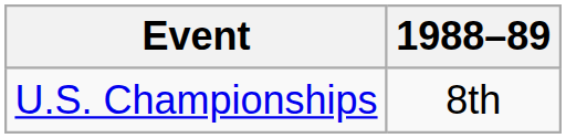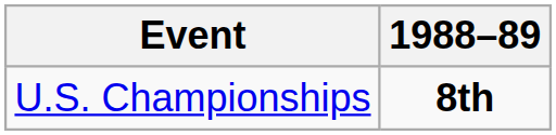 <table class="wikitable">
 <tr>
 <th>Event</th>
 <th>1988–89</th>
 </tr>
 <tr>
 <td><a href='#'>U.S. Championships</a></td>
-<td align="center">8th</td>
+<td align="center"><strong>8th</strong></td>
 </tr>
 </table>
